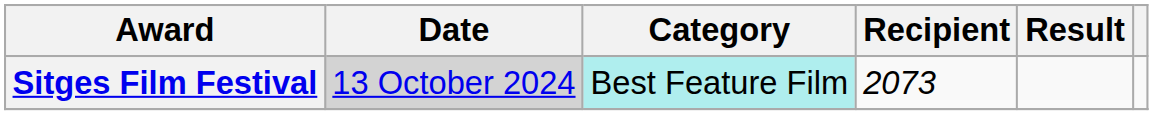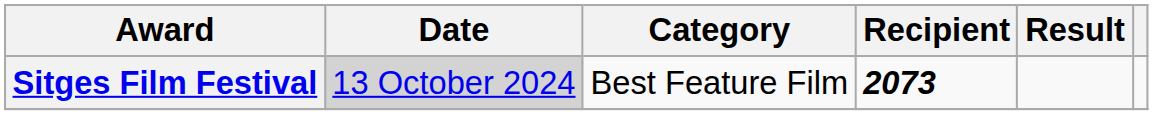 <table class="wikitable sortable plainrowheaders">
 <tr>
 <th>Award</th>
 <th>Date</th>
 <th>Category</th>
 <th>Recipient</th>
 <th>Result</th>
 <th></th>
 </tr>
 <tr>
 <th scope="row"><a href='#'>Sitges Film Festival</a></th>
 <td style="background: lightgrey;"><a href='#'>13 October 2024</a></td>
-<td style="background: paleturquoise;">Best Feature Film</td>
-<td><em>2073</em></td>
+<td>Best Feature Film</td>
+<td><strong><em>2073</em></strong></td>
 <td></td>
 <td align="center"></td>
 </tr>
 <tr>
 </tr>
 </table>
